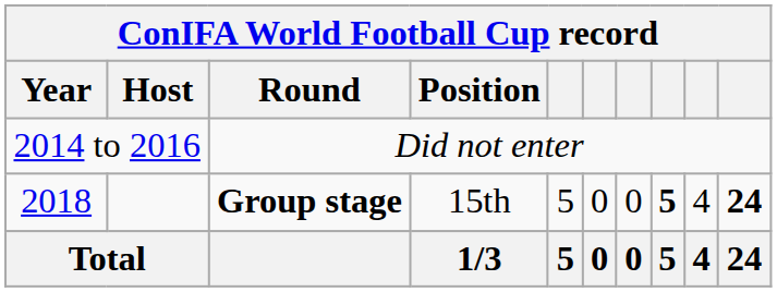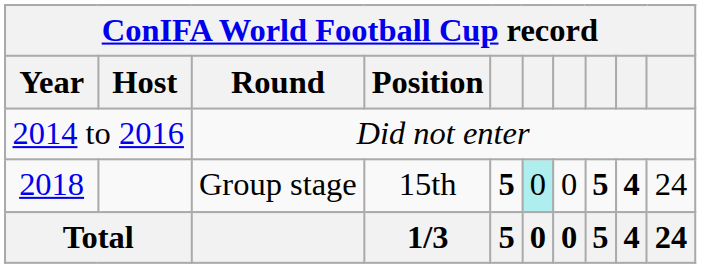 <table class="wikitable" style="text-align: center;">
 <tr>
 <th colspan=10><a href='#'>ConIFA World Football Cup</a> record</th>
 </tr>
 <tr>
 <th>Year</th>
 <th>Host</th>
 <th>Round</th>
 <th>Position</th>
 <th></th>
 <th></th>
 <th></th>
 <th></th>
 <th></th>
 <th></th>
 </tr>
 <tr>
 <td colspan=2><a href='#'>2014</a> to <a href='#'>2016</a></td>
 <td colspan=8><em>Did not enter</em></td>
 </tr>
 <tr>
 <td><a href='#'>2018</a></td>
 <td align=left></td>
-<td><strong>Group stage</strong></td>
+<td>Group stage</td>
 <td>15th</td>
-<td>5</td>
-<td>0</td>
+<td><strong>5</strong></td>
+<td style="background: paleturquoise;">0</td>
 <td>0</td>
 <td><strong>5</strong></td>
-<td>4</td>
-<td><strong>24</strong></td>
+<td><strong>4</strong></td>
+<td>24</td>
 </tr>
 <tr>
 <th colspan=2>Total</th>
 <th></th>
 <th>1/3</th>
 <th>5</th>
 <th>0</th>
 <th>0</th>
 <th>5</th>
 <th>4</th>
 <th>24</th>
 </tr>
 </table>
